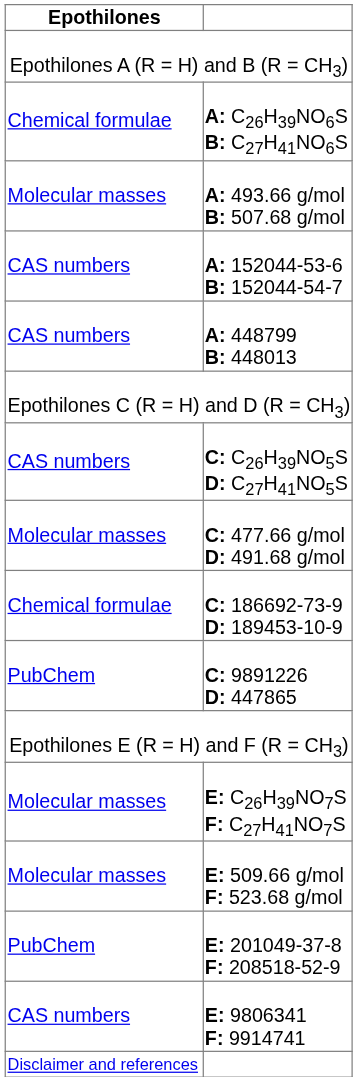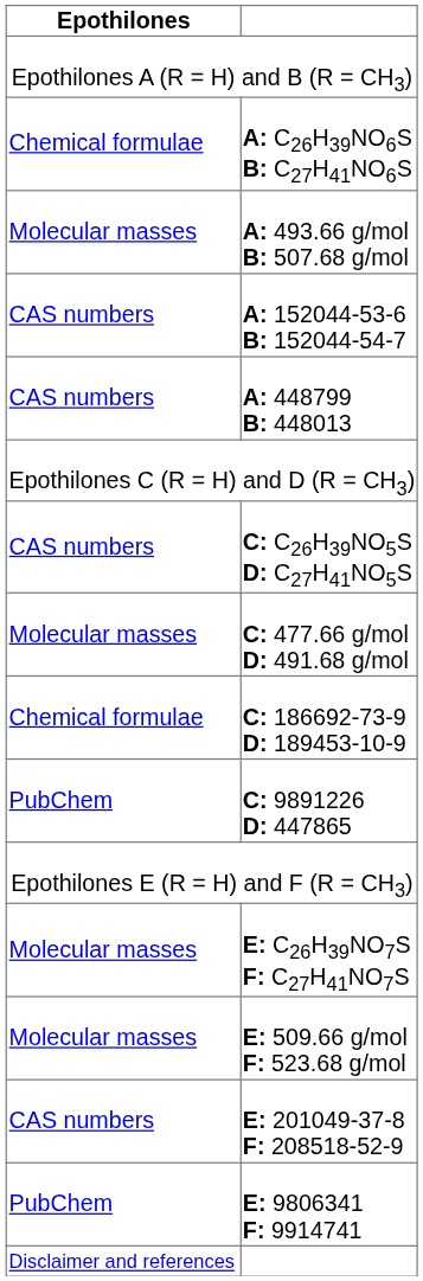 <table class="toccolours" border="1" style="float: right; clear: right; margin: 0 0 1em 1em; border-collapse: collapse;">
 <tr>
 <th>Epothilones</th>
 </tr>
 <tr>
 <td align="center" colspan="2" bgcolor="#ffffff"><br>Epothilones A (R = H) and B (R = CH<sub>3</sub>)</td>
 </tr>
 <tr>
 <td><a href='#'>Chemical formulae</a></td>
 <td><br><strong>A:</strong> C<sub>26</sub>H<sub>39</sub>NO<sub>6</sub>S<br> <strong>B:</strong> C<sub>27</sub>H<sub>41</sub>NO<sub>6</sub>S</td>
 </tr>
 <tr>
 <td><a href='#'>Molecular masses</a></td>
 <td><br><strong>A:</strong> 493.66 g/mol<br> <strong>B:</strong> 507.68 g/mol</td>
 </tr>
 <tr>
 <td><a href='#'>CAS numbers</a></td>
 <td><br><strong>A:</strong> 152044-53-6<br> <strong>B:</strong> 152044-54-7</td>
 </tr>
 <tr>
 <td><a href='#'>CAS numbers</a></td>
 <td><br><strong>A:</strong> 448799<br> <strong>B:</strong> 448013</td>
 </tr>
 <tr>
 <td align="center" colspan="2" bgcolor="#ffffff"><br>Epothilones C (R = H) and D (R = CH<sub>3</sub>)</td>
 </tr>
 <tr>
 <td><a href='#'>CAS numbers</a></td>
 <td><br><strong>C:</strong> C<sub>26</sub>H<sub>39</sub>NO<sub>5</sub>S<br> <strong>D:</strong> C<sub>27</sub>H<sub>41</sub>NO<sub>5</sub>S</td>
 </tr>
 <tr>
 <td><a href='#'>Molecular masses</a></td>
 <td><br><strong>C:</strong> 477.66 g/mol<br> <strong>D:</strong> 491.68 g/mol</td>
 </tr>
 <tr>
 <td><a href='#'>Chemical formulae</a></td>
 <td><br><strong>C:</strong> 186692-73-9<br> <strong>D:</strong> 189453-10-9</td>
 </tr>
 <tr>
 <td><a href='#'>PubChem</a></td>
 <td><br><strong>C:</strong> 9891226<br> <strong>D:</strong> 447865</td>
 </tr>
 <tr>
 <td align="center" colspan="2" bgcolor="#ffffff"><br>Epothilones E (R = H) and F (R = CH<sub>3</sub>)</td>
 </tr>
 <tr>
 <td><a href='#'>Molecular masses</a></td>
 <td><br><strong>E:</strong> C<sub>26</sub>H<sub>39</sub>NO<sub>7</sub>S<br> <strong>F:</strong> C<sub>27</sub>H<sub>41</sub>NO<sub>7</sub>S</td>
 </tr>
 <tr>
 <td><a href='#'>Molecular masses</a></td>
 <td><br><strong>E:</strong> 509.66 g/mol<br> <strong>F:</strong> 523.68 g/mol</td>
 </tr>
 <tr>
-<td><a href='#'>PubChem</a></td>
+<td><a href='#'>CAS numbers</a></td>
 <td><br><strong>E:</strong> 201049-37-8<br> <strong>F:</strong> 208518-52-9</td>
 </tr>
 <tr>
-<td><a href='#'>CAS numbers</a></td>
+<td><a href='#'>PubChem</a></td>
 <td><br><strong>E:</strong> 9806341<br> <strong>F:</strong> 9914741</td>
 </tr>
 <tr>
 <td><small><a href='#'>Disclaimer and references</a></small></td>
 </tr>
 </table>
